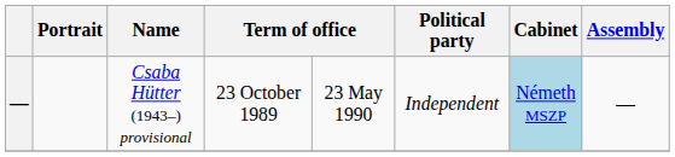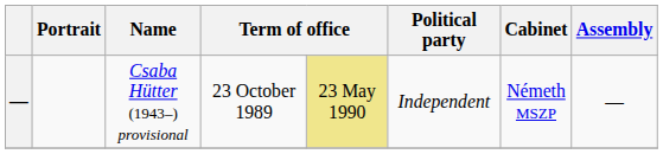 <table class="wikitable" style="width:90%; text-align:center;">
 <tr>
 <th></th>
 <th>Portrait</th>
 <th>Name<br></th>
 <th colspan=2>Term of office</th>
 <th>Political party</th>
 <th>Cabinet</th>
 <th><a href='#'>Assembly</a><br></th>
 </tr>
 <tr>
 <th style="background:">—</th>
 <td></td>
 <td><em><a href='#'>Csaba Hütter</a></em><br><small>(1943–)<br><em>provisional</em></small></td>
 <td>23 October 1989</td>
-<td>23 May 1990</td>
+<td style="background: khaki;">23 May 1990</td>
 <td><em>Independent</em></td>
-<td style="background: lightblue;"><a href='#'>Németh</a><br><small><a href='#'>MSZP</a></small></td>
+<td><a href='#'>Németh</a><br><small><a href='#'>MSZP</a></small></td>
 <td>—</td>
 </tr>
 <tr>
 </tr>
 </table>
